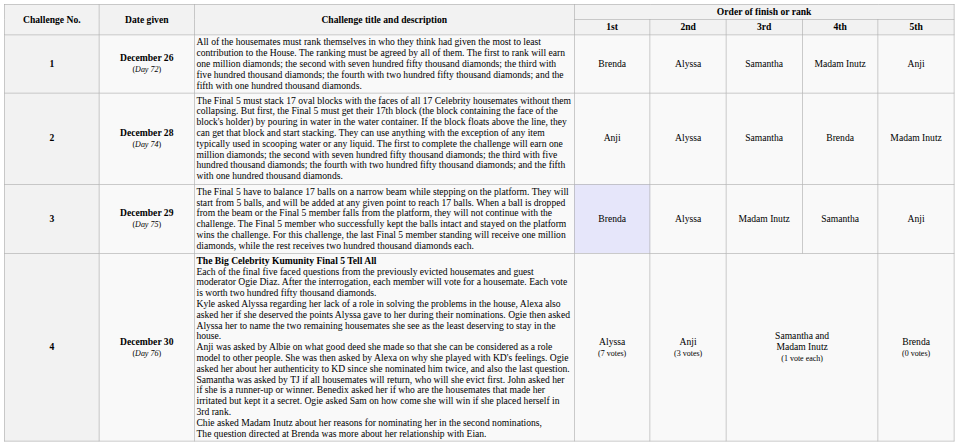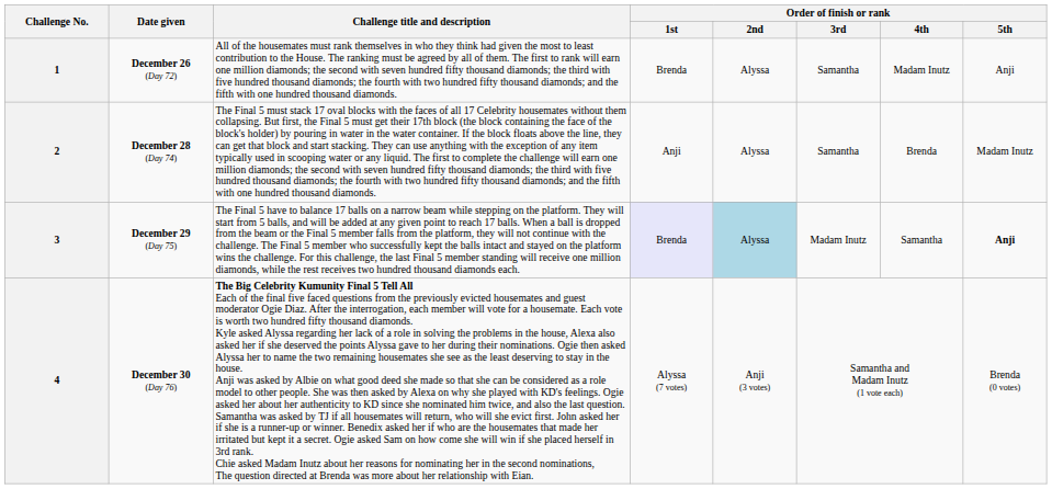 <table class="wikitable" style="text-align:center; font-size:100%; line-height:18px;" width="100%">
 <tr>
 <th style="width: 10%;" rowspan="2">Challenge No.</th>
 <th style="width: 10%;" rowspan="2">Date given</th>
 <th style="width: 40%;" rowspan="2">Challenge title and description</th>
 <th style="width: 40%;" colspan="5">Order of finish or rank</th>
 </tr>
 <tr>
 <th style="width: 08%;">1st</th>
 <th style="width: 08%;">2nd</th>
 <th style="width: 08%;">3rd</th>
 <th style="width: 08%;">4th</th>
 <th style="width: 08%;">5th</th>
 </tr>
 <tr>
 <th>1</th>
 <td><strong>December 26</strong><br><small>(<em>Day 72</em>)</small></td>
 <td align="left">All of the housemates must rank themselves in who they think had given the most to least contribution to the House. The ranking must be agreed by all of them. The first to rank will earn one million diamonds; the second with seven hundred fifty thousand diamonds; the third with five hundred thousand diamonds; the fourth with two hundred fifty thousand diamonds; and the fifth with one hundred thousand diamonds.</td>
 <td>Brenda</td>
 <td>Alyssa</td>
 <td>Samantha</td>
 <td>Madam Inutz</td>
 <td>Anji</td>
 </tr>
 <tr>
 <th>2</th>
 <td><strong>December 28</strong><br><small>(<em>Day 74</em>)</small></td>
 <td align="left">The Final 5 must stack 17 oval blocks with the faces of all 17 Celebrity housemates without them collapsing. But first, the Final 5 must get their 17th block (the block containing the face of the block's holder) by pouring in water in the water container. If the block floats above the line, they can get that block and start stacking. They can use anything with the exception of any item typically used in scooping water or any liquid. The first to complete the challenge will earn one million diamonds; the second with seven hundred fifty thousand diamonds; the third with five hundred thousand diamonds; the fourth with two hundred fifty thousand diamonds; and the fifth with one hundred thousand diamonds.</td>
 <td>Anji</td>
 <td>Alyssa</td>
 <td>Samantha</td>
 <td>Brenda</td>
 <td>Madam Inutz</td>
 </tr>
 <tr>
 <th>3</th>
 <td><strong>December 29</strong><br><small>(<em>Day 75</em>)</small></td>
 <td align="left">The Final 5 have to balance 17 balls on a narrow beam while stepping on the platform. They will start from 5 balls, and will be added at any given point to reach 17 balls. When a ball is dropped from the beam or the Final 5 member falls from the platform, they will not continue with the challenge. The Final 5 member who successfully kept the balls intact and stayed on the platform wins the challenge. For this challenge, the last Final 5 member standing will receive one million diamonds, while the rest receives two hundred thousand diamonds each.</td>
 <td style="background: lavender;">Brenda</td>
-<td>Alyssa</td>
+<td style="background: lightblue;">Alyssa</td>
 <td>Madam Inutz</td>
 <td>Samantha</td>
-<td>Anji</td>
+<td><strong>Anji</strong></td>
 </tr>
 <tr>
 <th>4</th>
 <td><strong>December 30</strong><br><small>(<em>Day 76</em>)</small></td>
 <td align="left"><strong>The Big Celebrity Kumunity Final 5 Tell All</strong><br>Each of the final five faced questions from the previously evicted housemates and guest moderator Ogie Diaz. After the interrogation, each member will vote for a housemate. Each vote is worth two hundred fifty thousand diamonds.<br>Kyle asked Alyssa regarding her lack of a role in solving the problems in the house, Alexa also asked her if she deserved the points Alyssa gave to her during their nominations. Ogie then asked Alyssa her to name the two remaining housemates she see as the least deserving to stay in the house.<br>Anji was asked by Albie on what good deed she made so that she can be considered as a role model to other people. She was then asked by Alexa on why she played with KD's feelings. Ogie asked her about her authenticity to KD since she nominated him twice, and also the last question.<br>Samantha was asked by TJ if all housemates will return, who will she evict first. John asked her if she is a runner-up or winner. Benedix asked her if who are the housemates that made her irritated but kept it a secret. Ogie asked Sam on how come she will win if she placed herself in 3rd rank.<br>Chie asked Madam Inutz about her reasons for nominating her in the second nominations,<br>The question directed at Brenda was more about her relationship with Eian.</td>
 <td>Alyssa<br><small>(7 votes)</small></td>
 <td>Anji<br><small>(3 votes)</small></td>
 <td colspan="2">Samantha and<br>Madam Inutz<br><small>(1 vote each)</small></td>
 <td>Brenda<br><small>(0 votes)</small></td>
 </tr>
 </table>
